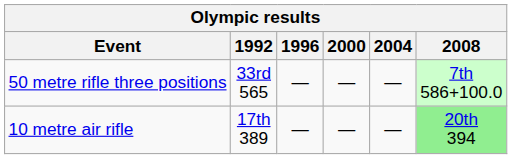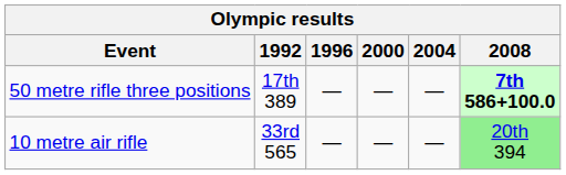 <table class="wikitable" style="text-align: center">
 <tr>
 <th colspan=6>Olympic results</th>
 </tr>
 <tr>
 <th>Event</th>
 <th>1992</th>
 <th>1996</th>
 <th>2000</th>
 <th>2004</th>
 <th>2008</th>
 </tr>
 <tr>
 <td align=left><a href='#'>50 metre rifle three positions</a></td>
-<td><a href='#'>33rd</a><br>565</td>
+<td><a href='#'>17th</a><br>389</td>
 <td>—</td>
 <td>—</td>
 <td>—</td>
-<td style="background: #ccffcc"><a href='#'>7th</a><br>586+100.0</td>
+<td style="background: #ccffcc"><strong><a href='#'>7th</a><br>586+100.0</strong></td>
 </tr>
 <tr>
 <td align=left><a href='#'>10 metre air rifle</a></td>
-<td><a href='#'>17th</a><br>389</td>
+<td><a href='#'>33rd</a><br>565</td>
 <td>—</td>
 <td>—</td>
 <td>—</td>
 <td style="background: lightgreen;"><a href='#'>20th</a><br>394</td>
 </tr>
 </table>
